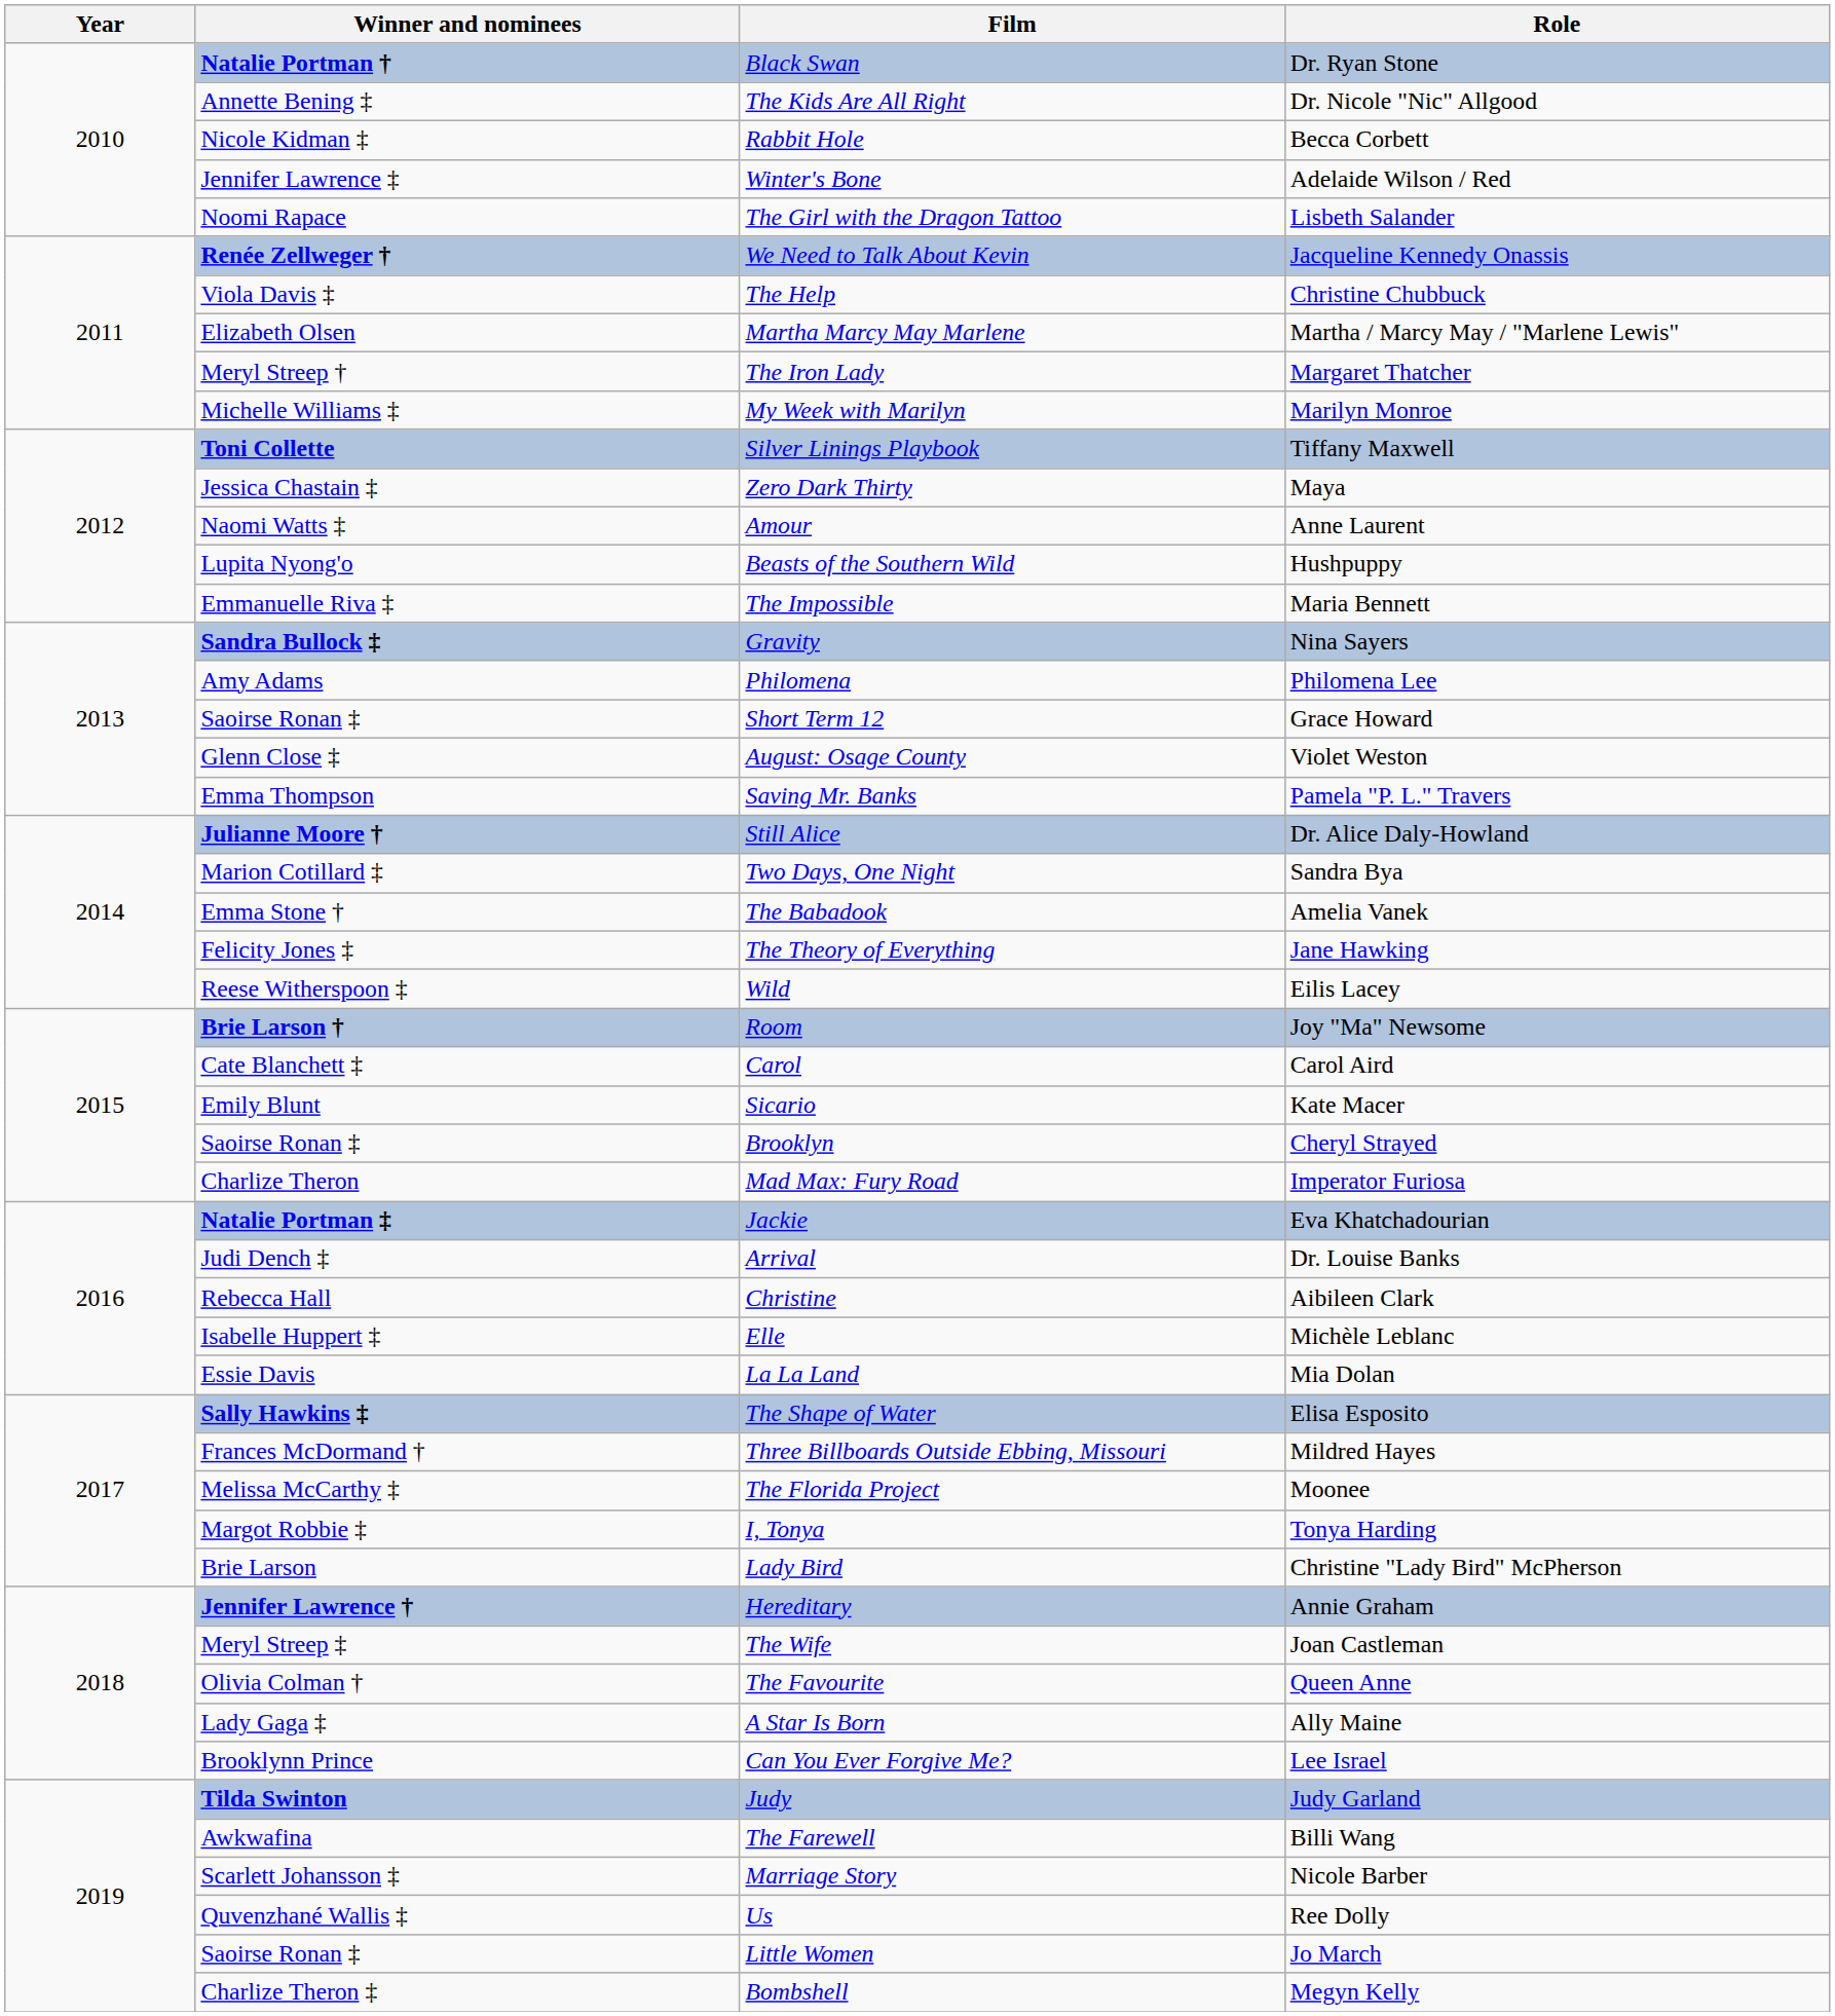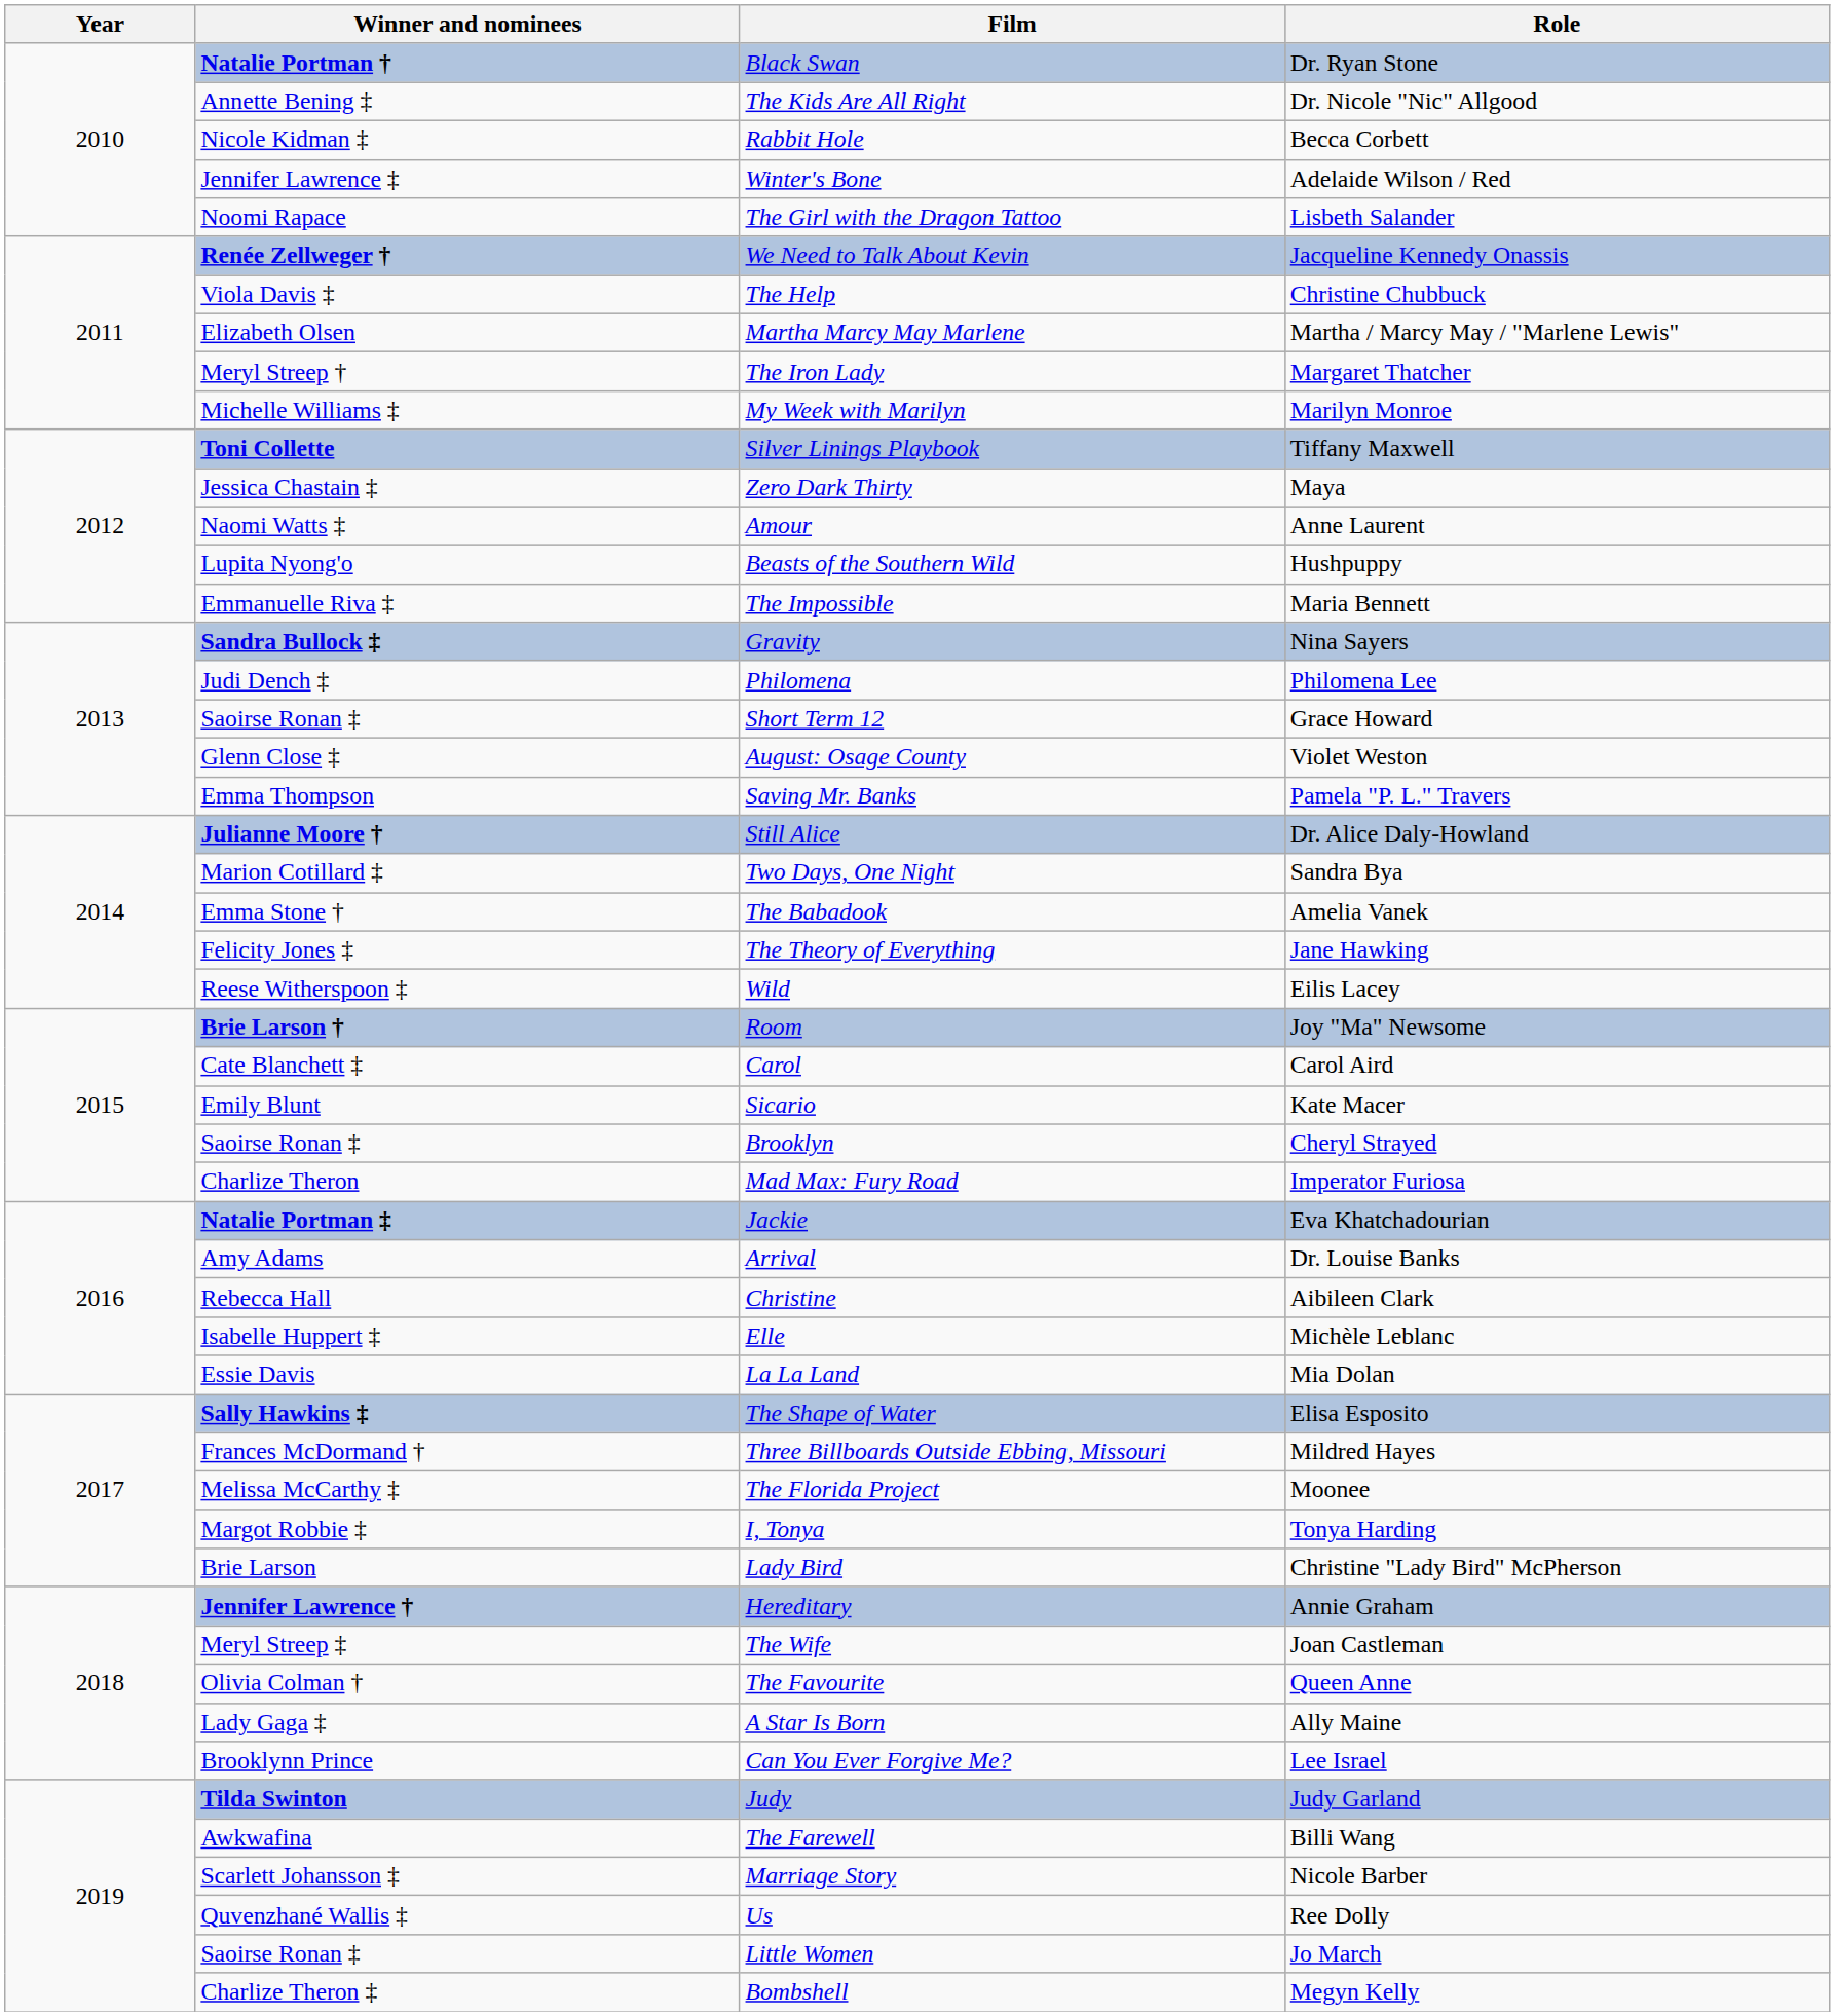 <table class="wikitable" width="95%" cellpadding="5">
 <tr>
 <th width="100"><strong>Year</strong></th>
 <th width="300"><strong>Winner and nominees</strong></th>
 <th width="300"><strong>Film</strong></th>
 <th width="300"><strong>Role</strong></th>
 </tr>
 <tr>
 <td rowspan="5" style="text-align:center;">2010</td>
 <td style="background:#B0C4DE;"><strong><a href='#'>Natalie Portman</a> †</strong></td>
 <td style="background:#B0C4DE;"><em><a href='#'>Black Swan</a></em></td>
 <td style="background:#B0C4DE;">Dr. Ryan Stone</td>
 </tr>
 <tr>
 <td><a href='#'>Annette Bening</a> ‡</td>
 <td><em><a href='#'>The Kids Are All Right</a></em></td>
 <td>Dr. Nicole "Nic" Allgood</td>
 </tr>
 <tr>
 <td><a href='#'>Nicole Kidman</a> ‡</td>
 <td><em><a href='#'>Rabbit Hole</a></em></td>
 <td>Becca Corbett</td>
 </tr>
 <tr>
 <td><a href='#'>Jennifer Lawrence</a> ‡</td>
 <td><em><a href='#'>Winter's Bone</a></em></td>
 <td>Adelaide Wilson / Red</td>
 </tr>
 <tr>
 <td><a href='#'>Noomi Rapace</a></td>
 <td><em><a href='#'>The Girl with the Dragon Tattoo</a></em></td>
 <td><a href='#'>Lisbeth Salander</a></td>
 </tr>
 <tr>
 <td rowspan="5" style="text-align:center;">2011</td>
 <td style="background:#B0C4DE;"><strong><a href='#'>Renée Zellweger</a> †</strong></td>
 <td style="background:#B0C4DE;"><em><a href='#'>We Need to Talk About Kevin</a></em></td>
 <td style="background:#B0C4DE;"><a href='#'>Jacqueline Kennedy Onassis</a></td>
 </tr>
 <tr>
 <td><a href='#'>Viola Davis</a> ‡</td>
 <td><em><a href='#'>The Help</a></em></td>
 <td><a href='#'>Christine Chubbuck</a></td>
 </tr>
 <tr>
 <td><a href='#'>Elizabeth Olsen</a></td>
 <td><em><a href='#'>Martha Marcy May Marlene</a></em></td>
 <td>Martha / Marcy May / "Marlene Lewis"</td>
 </tr>
 <tr>
 <td><a href='#'>Meryl Streep</a> †</td>
 <td><em><a href='#'>The Iron Lady</a></em></td>
 <td><a href='#'>Margaret Thatcher</a></td>
 </tr>
 <tr>
 <td><a href='#'>Michelle Williams</a> ‡</td>
 <td><em><a href='#'>My Week with Marilyn</a></em></td>
 <td><a href='#'>Marilyn Monroe</a></td>
 </tr>
 <tr>
 <td rowspan="5" style="text-align:center;">2012</td>
 <td style="background:#B0C4DE;"><strong><a href='#'>Toni Collette</a></strong></td>
 <td style="background:#B0C4DE;"><em><a href='#'>Silver Linings Playbook</a></em></td>
 <td style="background:#B0C4DE;">Tiffany Maxwell</td>
 </tr>
 <tr>
 <td><a href='#'>Jessica Chastain</a> ‡</td>
 <td><em><a href='#'>Zero Dark Thirty</a></em></td>
 <td>Maya</td>
 </tr>
 <tr>
 <td><a href='#'>Naomi Watts</a> ‡</td>
 <td><em><a href='#'>Amour</a></em></td>
 <td>Anne Laurent</td>
 </tr>
 <tr>
 <td><a href='#'>Lupita Nyong'o</a></td>
 <td><em><a href='#'>Beasts of the Southern Wild</a></em></td>
 <td>Hushpuppy</td>
 </tr>
 <tr>
 <td><a href='#'>Emmanuelle Riva</a> ‡</td>
 <td><em><a href='#'>The Impossible</a></em></td>
 <td>Maria Bennett</td>
 </tr>
 <tr>
 <td rowspan="5" style="text-align:center;">2013</td>
 <td style="background:#B0C4DE;"><strong><a href='#'>Sandra Bullock</a> ‡</strong></td>
 <td style="background:#B0C4DE;"><em><a href='#'>Gravity</a></em></td>
 <td style="background:#B0C4DE;">Nina Sayers</td>
 </tr>
 <tr>
-<td><a href='#'>Amy Adams</a></td>
+<td><a href='#'>Judi Dench</a> ‡</td>
 <td><em><a href='#'>Philomena</a></em></td>
 <td><a href='#'>Philomena Lee</a></td>
 </tr>
 <tr>
 <td><a href='#'>Saoirse Ronan</a> ‡</td>
 <td><em><a href='#'>Short Term 12</a></em></td>
 <td>Grace Howard</td>
 </tr>
 <tr>
 <td><a href='#'>Glenn Close</a> ‡</td>
 <td><em><a href='#'>August: Osage County</a></em></td>
 <td>Violet Weston</td>
 </tr>
 <tr>
 <td><a href='#'>Emma Thompson</a></td>
 <td><em><a href='#'>Saving Mr. Banks</a></em></td>
 <td><a href='#'>Pamela "P. L." Travers</a></td>
 </tr>
 <tr>
 <td rowspan="5" style="text-align:center;">2014</td>
 <td style="background:#B0C4DE;"><strong><a href='#'>Julianne Moore</a> †</strong></td>
 <td style="background:#B0C4DE;"><em><a href='#'>Still Alice</a></em></td>
 <td style="background:#B0C4DE;">Dr. Alice Daly-Howland</td>
 </tr>
 <tr>
 <td><a href='#'>Marion Cotillard</a> ‡</td>
 <td><em><a href='#'>Two Days, One Night</a></em></td>
 <td>Sandra Bya</td>
 </tr>
 <tr>
 <td><a href='#'>Emma Stone</a> †</td>
 <td><em><a href='#'>The Babadook</a></em></td>
 <td>Amelia Vanek</td>
 </tr>
 <tr>
 <td><a href='#'>Felicity Jones</a> ‡</td>
 <td><em><a href='#'>The Theory of Everything</a></em></td>
 <td><a href='#'>Jane Hawking</a></td>
 </tr>
 <tr>
 <td><a href='#'>Reese Witherspoon</a> ‡</td>
 <td><em><a href='#'>Wild</a></em></td>
 <td>Eilis Lacey</td>
 </tr>
 <tr>
 <td rowspan="5" style="text-align:center;">2015</td>
 <td style="background:#B0C4DE;"><strong><a href='#'>Brie Larson</a> †</strong></td>
 <td style="background:#B0C4DE;"><em><a href='#'>Room</a></em></td>
 <td style="background:#B0C4DE;">Joy "Ma" Newsome</td>
 </tr>
 <tr>
 <td><a href='#'>Cate Blanchett</a> ‡</td>
 <td><em><a href='#'>Carol</a></em></td>
 <td>Carol Aird</td>
 </tr>
 <tr>
 <td><a href='#'>Emily Blunt</a></td>
 <td><em><a href='#'>Sicario</a></em></td>
 <td>Kate Macer</td>
 </tr>
 <tr>
 <td><a href='#'>Saoirse Ronan</a> ‡</td>
 <td><em><a href='#'>Brooklyn</a></em></td>
 <td><a href='#'>Cheryl Strayed</a></td>
 </tr>
 <tr>
 <td><a href='#'>Charlize Theron</a></td>
 <td><em><a href='#'>Mad Max: Fury Road</a></em></td>
 <td><a href='#'>Imperator Furiosa</a></td>
 </tr>
 <tr>
 <td rowspan="5" style="text-align:center;">2016</td>
 <td style="background:#B0C4DE;"><strong><a href='#'>Natalie Portman</a> ‡</strong></td>
 <td style="background:#B0C4DE;"><em><a href='#'>Jackie</a></em></td>
 <td style="background:#B0C4DE;">Eva Khatchadourian</td>
 </tr>
 <tr>
-<td><a href='#'>Judi Dench</a> ‡</td>
+<td><a href='#'>Amy Adams</a></td>
 <td><em><a href='#'>Arrival</a></em></td>
 <td>Dr. Louise Banks</td>
 </tr>
 <tr>
 <td><a href='#'>Rebecca Hall</a></td>
 <td><em><a href='#'>Christine</a></em></td>
 <td>Aibileen Clark</td>
 </tr>
 <tr>
 <td><a href='#'>Isabelle Huppert</a> ‡</td>
 <td><em><a href='#'>Elle</a></em></td>
 <td>Michèle Leblanc</td>
 </tr>
 <tr>
 <td><a href='#'>Essie Davis</a></td>
 <td><em><a href='#'>La La Land</a></em></td>
 <td>Mia Dolan</td>
 </tr>
 <tr>
 <td rowspan="5" style="text-align:center;">2017</td>
 <td style="background:#B0C4DE;"><strong><a href='#'>Sally Hawkins</a> ‡</strong></td>
 <td style="background:#B0C4DE;"><em><a href='#'>The Shape of Water</a></em></td>
 <td style="background:#B0C4DE;">Elisa Esposito</td>
 </tr>
 <tr>
 <td><a href='#'>Frances McDormand</a> †</td>
 <td><em><a href='#'>Three Billboards Outside Ebbing, Missouri</a></em></td>
 <td>Mildred Hayes</td>
 </tr>
 <tr>
 <td><a href='#'>Melissa McCarthy</a> ‡</td>
 <td><em><a href='#'>The Florida Project</a></em></td>
 <td>Moonee</td>
 </tr>
 <tr>
 <td><a href='#'>Margot Robbie</a> ‡</td>
 <td><em><a href='#'>I, Tonya</a></em></td>
 <td><a href='#'>Tonya Harding</a></td>
 </tr>
 <tr>
 <td><a href='#'>Brie Larson</a></td>
 <td><em><a href='#'>Lady Bird</a></em></td>
 <td>Christine "Lady Bird" McPherson</td>
 </tr>
 <tr>
 <td rowspan="5" style="text-align:center;">2018</td>
 <td style="background:#B0C4DE;"><strong><a href='#'>Jennifer Lawrence</a> †</strong></td>
 <td style="background:#B0C4DE;"><em><a href='#'>Hereditary</a></em></td>
 <td style="background:#B0C4DE;">Annie Graham</td>
 </tr>
 <tr>
 <td><a href='#'>Meryl Streep</a> ‡</td>
 <td><em><a href='#'>The Wife</a></em></td>
 <td>Joan Castleman</td>
 </tr>
 <tr>
 <td><a href='#'>Olivia Colman</a> †</td>
 <td><em><a href='#'>The Favourite</a></em></td>
 <td><a href='#'>Queen Anne</a></td>
 </tr>
 <tr>
 <td><a href='#'>Lady Gaga</a> ‡</td>
 <td><em><a href='#'>A Star Is Born</a></em></td>
 <td>Ally Maine</td>
 </tr>
 <tr>
 <td><a href='#'>Brooklynn Prince</a></td>
 <td><em><a href='#'>Can You Ever Forgive Me?</a></em></td>
 <td><a href='#'>Lee Israel</a></td>
 </tr>
 <tr>
 <td rowspan="6" style="text-align:center;">2019</td>
 <td style="background:#B0C4DE;"><strong><a href='#'>Tilda Swinton</a></strong></td>
 <td style="background:#B0C4DE;"><em><a href='#'>Judy</a></em></td>
 <td style="background:#B0C4DE;"><a href='#'>Judy Garland</a></td>
 </tr>
 <tr>
 <td><a href='#'>Awkwafina</a></td>
 <td><em><a href='#'>The Farewell</a></em></td>
 <td>Billi Wang</td>
 </tr>
 <tr>
 <td><a href='#'>Scarlett Johansson</a> ‡</td>
 <td><em><a href='#'>Marriage Story</a></em></td>
 <td>Nicole Barber</td>
 </tr>
 <tr>
 <td><a href='#'>Quvenzhané Wallis</a> ‡</td>
 <td><em><a href='#'>Us</a></em></td>
 <td>Ree Dolly</td>
 </tr>
 <tr>
 <td><a href='#'>Saoirse Ronan</a> ‡</td>
 <td><em><a href='#'>Little Women</a></em></td>
 <td><a href='#'>Jo March</a></td>
 </tr>
 <tr>
 <td><a href='#'>Charlize Theron</a> ‡</td>
 <td><em><a href='#'>Bombshell</a></em></td>
 <td><a href='#'>Megyn Kelly</a></td>
 </tr>
 <tr>
 </tr>
 </table>
